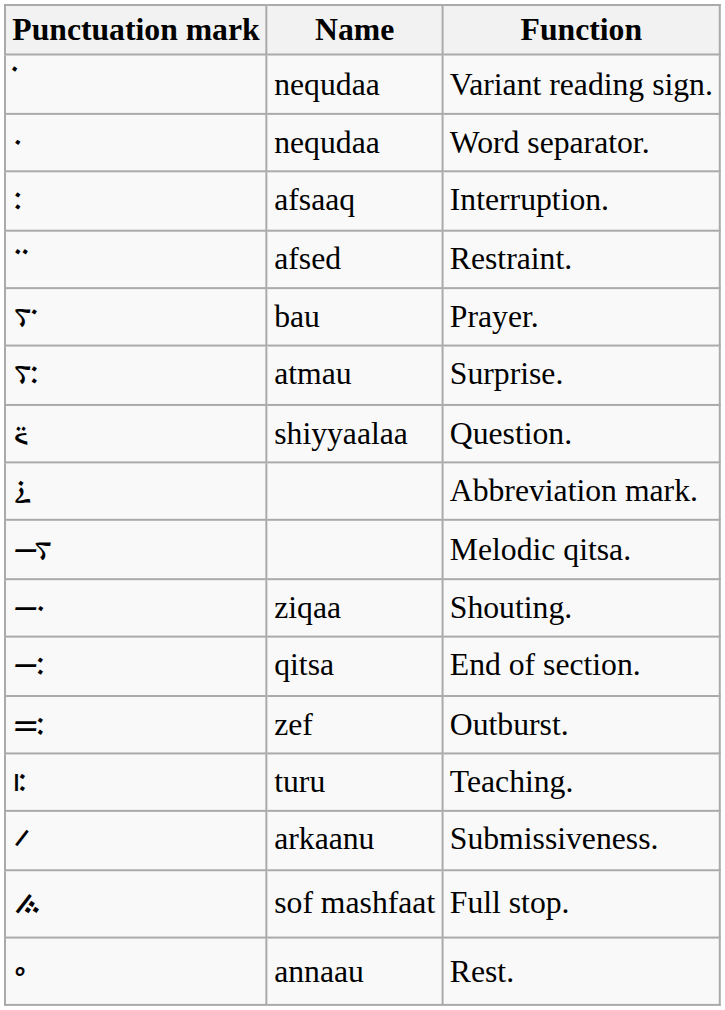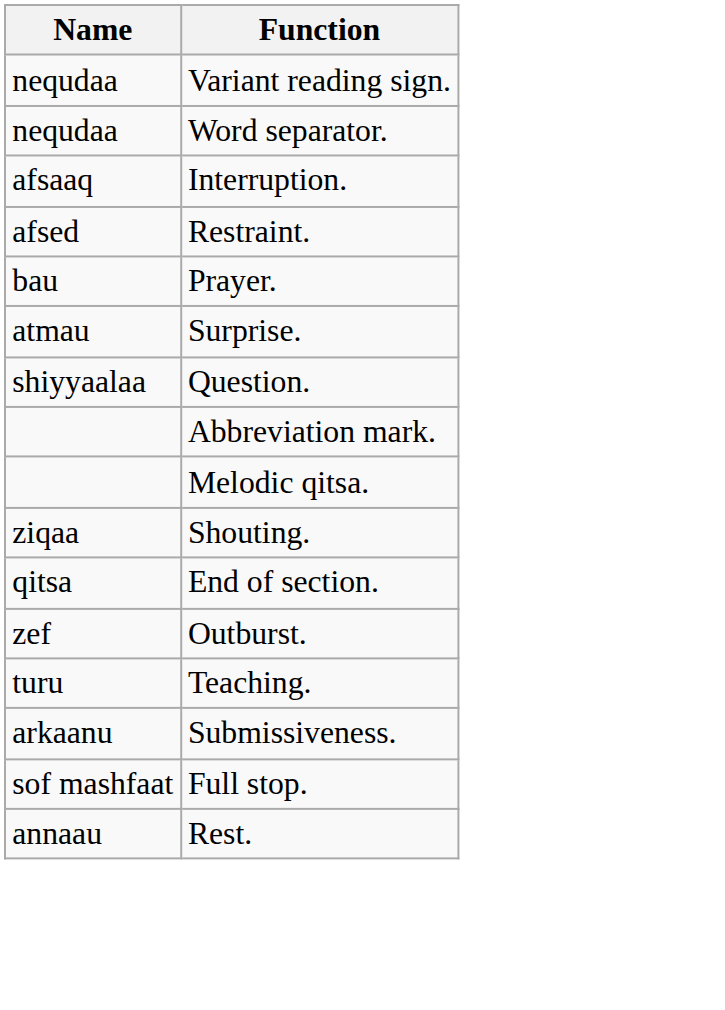 <table class="wikitable">
 <tr>
-<th>Punctuation mark</th>
 <th>Name</th>
 <th>Function</th>
 </tr>
 <tr>
-<td>࠭‎</td>
 <td>nequdaa</td>
 <td>Variant reading sign.</td>
 </tr>
 <tr>
-<td>࠰</td>
 <td>nequdaa</td>
 <td>Word separator.</td>
 </tr>
 <tr>
-<td>࠱</td>
 <td>afsaaq</td>
 <td>Interruption.</td>
 </tr>
 <tr>
-<td>࠲‎</td>
 <td>afsed</td>
 <td>Restraint.</td>
 </tr>
 <tr>
-<td>࠳</td>
 <td>bau</td>
 <td>Prayer.</td>
 </tr>
 <tr>
-<td>࠴</td>
 <td>atmau</td>
 <td>Surprise.</td>
 </tr>
 <tr>
-<td>࠵</td>
 <td>shiyyaalaa</td>
 <td>Question.</td>
 </tr>
 <tr>
-<td>࠶</td>
 <td></td>
 <td>Abbreviation mark.</td>
 </tr>
 <tr>
-<td>࠷</td>
 <td></td>
 <td>Melodic qitsa.</td>
 </tr>
 <tr>
-<td>࠸</td>
 <td>ziqaa</td>
 <td>Shouting.</td>
 </tr>
 <tr>
-<td>࠹</td>
 <td>qitsa</td>
 <td>End of section.</td>
 </tr>
 <tr>
-<td>࠺</td>
 <td>zef</td>
 <td>Outburst.</td>
 </tr>
 <tr>
-<td>࠻</td>
 <td>turu</td>
 <td>Teaching.</td>
 </tr>
 <tr>
-<td>࠼</td>
 <td>arkaanu</td>
 <td>Submissiveness.</td>
 </tr>
 <tr>
-<td><big>࠽‎</big></td>
 <td>sof mashfaat</td>
 <td>Full stop.</td>
 </tr>
 <tr>
-<td><big>࠾‎</big></td>
 <td>annaau</td>
 <td>Rest.</td>
 </tr>
 </table>
